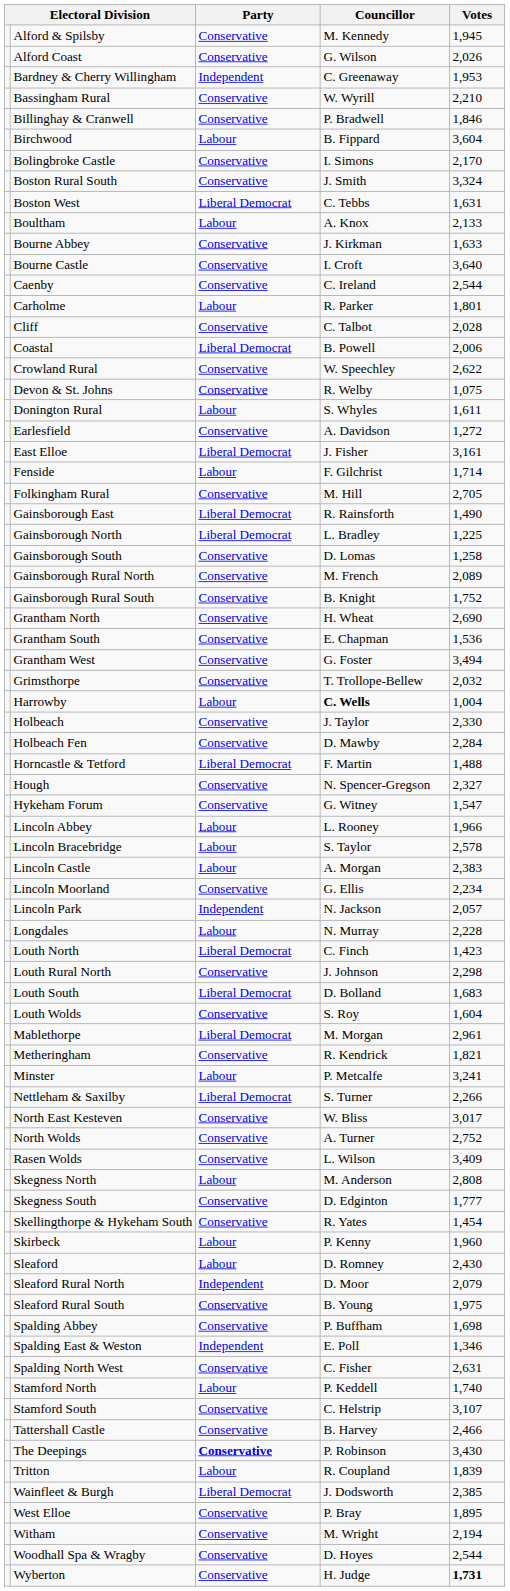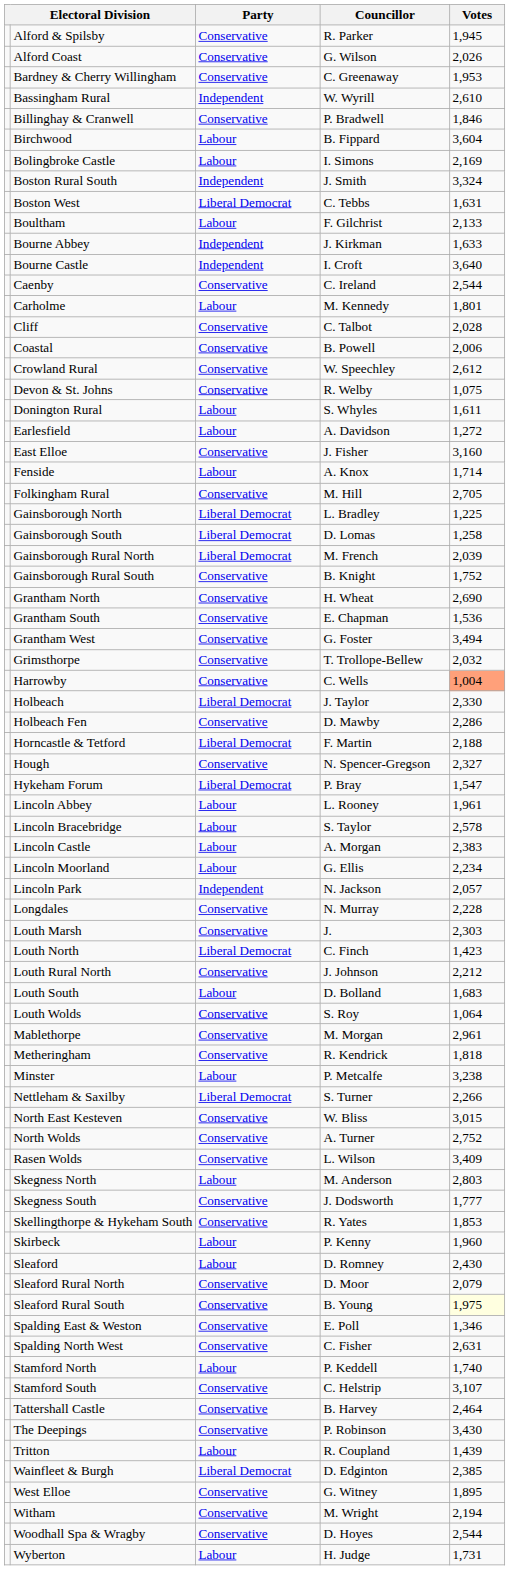 <table class="wikitable">
 <tr>
 <th colspan="2">Electoral Division</th>
 <th width="145px">Party</th>
 <th width="150px">Councillor</th>
 <th width="60px">Votes</th>
 </tr>
 <tr>
 <td style="color:inherit;background:"></td>
 <td>Alford & Spilsby</td>
 <td><a href='#'>Conservative</a></td>
-<td>M. Kennedy</td>
+<td>R. Parker</td>
 <td>1,945</td>
 </tr>
 <tr>
 <td style="color:inherit;background:"></td>
 <td>Alford Coast</td>
 <td><a href='#'>Conservative</a></td>
 <td>G. Wilson</td>
 <td>2,026</td>
 </tr>
 <tr>
 <td style="color:inherit;background:"></td>
 <td>Bardney & Cherry Willingham</td>
-<td><a href='#'>Independent</a></td>
+<td><a href='#'>Conservative</a></td>
 <td>C. Greenaway</td>
 <td>1,953</td>
 </tr>
 <tr>
 <td style="color:inherit;background:"></td>
 <td>Bassingham Rural</td>
-<td><a href='#'>Conservative</a></td>
+<td><a href='#'>Independent</a></td>
 <td>W. Wyrill</td>
-<td>2,210</td>
+<td>2,610</td>
 </tr>
 <tr>
 <td style="color:inherit;background:"></td>
 <td>Billinghay & Cranwell</td>
 <td><a href='#'>Conservative</a></td>
 <td>P. Bradwell</td>
 <td>1,846</td>
 </tr>
 <tr>
 <td style="color:inherit;background:"></td>
 <td>Birchwood</td>
 <td><a href='#'>Labour</a></td>
 <td>B. Fippard</td>
 <td>3,604</td>
 </tr>
 <tr>
 <td style="color:inherit;background:"></td>
 <td>Bolingbroke Castle</td>
-<td><a href='#'>Conservative</a></td>
+<td><a href='#'>Labour</a></td>
 <td>I. Simons</td>
-<td>2,170</td>
+<td>2,169</td>
 </tr>
 <tr>
 <td style="color:inherit;background:"></td>
 <td>Boston Rural South</td>
-<td><a href='#'>Conservative</a></td>
+<td><a href='#'>Independent</a></td>
 <td>J. Smith</td>
 <td>3,324</td>
 </tr>
 <tr>
 <td style="color:inherit;background:"></td>
 <td>Boston West</td>
 <td><a href='#'>Liberal Democrat</a></td>
 <td>C. Tebbs</td>
 <td>1,631</td>
 </tr>
 <tr>
 <td style="color:inherit;background:"></td>
 <td>Boultham</td>
 <td><a href='#'>Labour</a></td>
-<td>A. Knox</td>
+<td>F. Gilchrist</td>
 <td>2,133</td>
 </tr>
 <tr>
 <td style="color:inherit;background:"></td>
 <td>Bourne Abbey</td>
-<td><a href='#'>Conservative</a></td>
+<td><a href='#'>Independent</a></td>
 <td>J. Kirkman</td>
 <td>1,633</td>
 </tr>
 <tr>
 <td style="color:inherit;background:"></td>
 <td>Bourne Castle</td>
-<td><a href='#'>Conservative</a></td>
+<td><a href='#'>Independent</a></td>
 <td>I. Croft</td>
 <td>3,640</td>
 </tr>
 <tr>
 <td style="color:inherit;background:"></td>
 <td>Caenby</td>
 <td><a href='#'>Conservative</a></td>
 <td>C. Ireland</td>
 <td>2,544</td>
 </tr>
 <tr>
 <td style="color:inherit;background:"></td>
 <td>Carholme</td>
 <td><a href='#'>Labour</a></td>
-<td>R. Parker</td>
+<td>M. Kennedy</td>
 <td>1,801</td>
 </tr>
 <tr>
 <td style="color:inherit;background:"></td>
 <td>Cliff</td>
 <td><a href='#'>Conservative</a></td>
 <td>C. Talbot</td>
 <td>2,028</td>
 </tr>
 <tr>
 <td style="color:inherit;background:"></td>
 <td>Coastal</td>
-<td><a href='#'>Liberal Democrat</a></td>
+<td><a href='#'>Conservative</a></td>
 <td>B. Powell</td>
 <td>2,006</td>
 </tr>
 <tr>
 <td style="color:inherit;background:"></td>
 <td>Crowland Rural</td>
 <td><a href='#'>Conservative</a></td>
 <td>W. Speechley</td>
-<td>2,622</td>
+<td>2,612</td>
 </tr>
 <tr>
 <td style="color:inherit;background:"></td>
 <td>Devon & St. Johns</td>
 <td><a href='#'>Conservative</a></td>
 <td>R. Welby</td>
 <td>1,075</td>
 </tr>
 <tr>
 <td style="color:inherit;background:"></td>
 <td>Donington Rural</td>
 <td><a href='#'>Labour</a></td>
 <td>S. Whyles</td>
 <td>1,611</td>
 </tr>
 <tr>
 <td style="color:inherit;background:"></td>
 <td>Earlesfield</td>
-<td><a href='#'>Conservative</a></td>
+<td><a href='#'>Labour</a></td>
 <td>A. Davidson</td>
 <td>1,272</td>
 </tr>
 <tr>
 <td style="color:inherit;background:"></td>
 <td>East Elloe</td>
-<td><a href='#'>Liberal Democrat</a></td>
+<td><a href='#'>Conservative</a></td>
 <td>J. Fisher</td>
-<td>3,161</td>
+<td>3,160</td>
 </tr>
 <tr>
 <td style="color:inherit;background:"></td>
 <td>Fenside</td>
 <td><a href='#'>Labour</a></td>
-<td>F. Gilchrist</td>
+<td>A. Knox</td>
 <td>1,714</td>
 </tr>
 <tr>
 <td style="color:inherit;background:"></td>
 <td>Folkingham Rural</td>
 <td><a href='#'>Conservative</a></td>
 <td>M. Hill</td>
 <td>2,705</td>
 </tr>
 <tr>
 <td style="color:inherit;background:"></td>
-<td>Gainsborough East</td>
-<td><a href='#'>Liberal Democrat</a></td>
-<td>R. Rainsforth</td>
-<td>1,490</td>
-</tr>
-<tr>
-<td style="color:inherit;background:"></td>
 <td>Gainsborough North</td>
 <td><a href='#'>Liberal Democrat</a></td>
 <td>L. Bradley</td>
 <td>1,225</td>
 </tr>
 <tr>
 <td style="color:inherit;background:"></td>
 <td>Gainsborough South</td>
-<td><a href='#'>Conservative</a></td>
+<td><a href='#'>Liberal Democrat</a></td>
 <td>D. Lomas</td>
 <td>1,258</td>
 </tr>
 <tr>
 <td style="color:inherit;background:"></td>
 <td>Gainsborough Rural North</td>
-<td><a href='#'>Conservative</a></td>
+<td><a href='#'>Liberal Democrat</a></td>
 <td>M. French</td>
-<td>2,089</td>
+<td>2,039</td>
 </tr>
 <tr>
 <td style="color:inherit;background:"></td>
 <td>Gainsborough Rural South</td>
 <td><a href='#'>Conservative</a></td>
 <td>B. Knight</td>
 <td>1,752</td>
 </tr>
 <tr>
 <td style="color:inherit;background:"></td>
 <td>Grantham North</td>
 <td><a href='#'>Conservative</a></td>
 <td>H. Wheat</td>
 <td>2,690</td>
 </tr>
 <tr>
 <td style="color:inherit;background:"></td>
 <td>Grantham South</td>
 <td><a href='#'>Conservative</a></td>
 <td>E. Chapman</td>
 <td>1,536</td>
 </tr>
 <tr>
 <td style="color:inherit;background:"></td>
 <td>Grantham West</td>
 <td><a href='#'>Conservative</a></td>
 <td>G. Foster</td>
 <td>3,494</td>
 </tr>
 <tr>
 <td style="color:inherit;background:"></td>
 <td>Grimsthorpe</td>
 <td><a href='#'>Conservative</a></td>
 <td>T. Trollope-Bellew</td>
 <td>2,032</td>
 </tr>
 <tr>
 <td style="color:inherit;background:"></td>
 <td>Harrowby</td>
-<td><a href='#'>Labour</a></td>
-<td><strong>C. Wells</strong></td>
-<td>1,004</td>
+<td><a href='#'>Conservative</a></td>
+<td>C. Wells</td>
+<td style="background: lightsalmon;">1,004</td>
 </tr>
 <tr>
 <td style="color:inherit;background:"></td>
 <td>Holbeach</td>
-<td><a href='#'>Conservative</a></td>
+<td><a href='#'>Liberal Democrat</a></td>
 <td>J. Taylor</td>
 <td>2,330</td>
 </tr>
 <tr>
 <td style="color:inherit;background:"></td>
 <td>Holbeach Fen</td>
 <td><a href='#'>Conservative</a></td>
 <td>D. Mawby</td>
-<td>2,284</td>
+<td>2,286</td>
 </tr>
 <tr>
 <td style="color:inherit;background:"></td>
 <td>Horncastle & Tetford</td>
 <td><a href='#'>Liberal Democrat</a></td>
 <td>F. Martin</td>
-<td>1,488</td>
+<td>2,188</td>
 </tr>
 <tr>
 <td style="color:inherit;background:"></td>
 <td>Hough</td>
 <td><a href='#'>Conservative</a></td>
 <td>N. Spencer-Gregson</td>
 <td>2,327</td>
 </tr>
 <tr>
 <td style="color:inherit;background:"></td>
 <td>Hykeham Forum</td>
-<td><a href='#'>Conservative</a></td>
-<td>G. Witney</td>
+<td><a href='#'>Liberal Democrat</a></td>
+<td>P. Bray</td>
 <td>1,547</td>
 </tr>
 <tr>
 <td style="color:inherit;background:"></td>
 <td>Lincoln Abbey</td>
 <td><a href='#'>Labour</a></td>
 <td>L. Rooney</td>
-<td>1,966</td>
+<td>1,961</td>
 </tr>
 <tr>
 <td style="color:inherit;background:"></td>
 <td>Lincoln Bracebridge</td>
 <td><a href='#'>Labour</a></td>
 <td>S. Taylor</td>
 <td>2,578</td>
 </tr>
 <tr>
 <td style="color:inherit;background:"></td>
 <td>Lincoln Castle</td>
 <td><a href='#'>Labour</a></td>
 <td>A. Morgan</td>
 <td>2,383</td>
 </tr>
 <tr>
 <td style="color:inherit;background:"></td>
 <td>Lincoln Moorland</td>
-<td><a href='#'>Conservative</a></td>
+<td><a href='#'>Labour</a></td>
 <td>G. Ellis</td>
 <td>2,234</td>
 </tr>
 <tr>
 <td style="color:inherit;background:"></td>
 <td>Lincoln Park</td>
 <td><a href='#'>Independent</a></td>
 <td>N. Jackson</td>
 <td>2,057</td>
 </tr>
 <tr>
 <td style="color:inherit;background:"></td>
 <td>Longdales</td>
-<td><a href='#'>Labour</a></td>
+<td><a href='#'>Conservative</a></td>
 <td>N. Murray</td>
 <td>2,228</td>
+</tr>
+<tr>
+<td style="color:inherit;background:"></td>
+<td>Louth Marsh</td>
+<td><a href='#'>Conservative</a></td>
+<td>J. </td>
+<td>2,303</td>
 </tr>
 <tr>
 <td style="color:inherit;background:"></td>
 <td>Louth North</td>
 <td><a href='#'>Liberal Democrat</a></td>
 <td>C. Finch</td>
 <td>1,423</td>
 </tr>
 <tr>
 <td style="color:inherit;background:"></td>
 <td>Louth Rural North</td>
 <td><a href='#'>Conservative</a></td>
 <td>J. Johnson</td>
-<td>2,298</td>
+<td>2,212</td>
 </tr>
 <tr>
 <td style="color:inherit;background:"></td>
 <td>Louth South</td>
-<td><a href='#'>Liberal Democrat</a></td>
+<td><a href='#'>Labour</a></td>
 <td>D. Bolland</td>
 <td>1,683</td>
 </tr>
 <tr>
 <td style="color:inherit;background:"></td>
 <td>Louth Wolds</td>
 <td><a href='#'>Conservative</a></td>
 <td>S. Roy</td>
-<td>1,604</td>
+<td>1,064</td>
 </tr>
 <tr>
 <td style="color:inherit;background:"></td>
 <td>Mablethorpe</td>
-<td><a href='#'>Liberal Democrat</a></td>
+<td><a href='#'>Conservative</a></td>
 <td>M. Morgan</td>
 <td>2,961</td>
 </tr>
 <tr>
 <td style="color:inherit;background:"></td>
 <td>Metheringham</td>
 <td><a href='#'>Conservative</a></td>
 <td>R. Kendrick</td>
-<td>1,821</td>
+<td>1,818</td>
 </tr>
 <tr>
 <td style="color:inherit;background:"></td>
 <td>Minster</td>
 <td><a href='#'>Labour</a></td>
 <td>P. Metcalfe</td>
-<td>3,241</td>
+<td>3,238</td>
 </tr>
 <tr>
 <td style="color:inherit;background:"></td>
 <td>Nettleham & Saxilby</td>
 <td><a href='#'>Liberal Democrat</a></td>
 <td>S. Turner</td>
 <td>2,266</td>
 </tr>
 <tr>
 <td style="color:inherit;background:"></td>
 <td>North East Kesteven</td>
 <td><a href='#'>Conservative</a></td>
 <td>W. Bliss</td>
-<td>3,017</td>
+<td>3,015</td>
 </tr>
 <tr>
 <td style="color:inherit;background:"></td>
 <td>North Wolds</td>
 <td><a href='#'>Conservative</a></td>
 <td>A. Turner</td>
 <td>2,752</td>
 </tr>
 <tr>
 <td style="color:inherit;background:"></td>
 <td>Rasen Wolds</td>
 <td><a href='#'>Conservative</a></td>
 <td>L. Wilson</td>
 <td>3,409</td>
 </tr>
 <tr>
 <td style="color:inherit;background:"></td>
 <td>Skegness North</td>
 <td><a href='#'>Labour</a></td>
 <td>M. Anderson</td>
-<td>2,808</td>
+<td>2,803</td>
 </tr>
 <tr>
 <td style="color:inherit;background:"></td>
 <td>Skegness South</td>
 <td><a href='#'>Conservative</a></td>
-<td>D. Edginton</td>
+<td>J. Dodsworth</td>
 <td>1,777</td>
 </tr>
 <tr>
 <td style="color:inherit;background:"></td>
 <td>Skellingthorpe & Hykeham South</td>
 <td><a href='#'>Conservative</a></td>
 <td>R. Yates</td>
-<td>1,454</td>
+<td>1,853</td>
 </tr>
 <tr>
 <td style="color:inherit;background:"></td>
 <td>Skirbeck</td>
 <td><a href='#'>Labour</a></td>
 <td>P. Kenny</td>
 <td>1,960</td>
 </tr>
 <tr>
 <td style="color:inherit;background:"></td>
 <td>Sleaford</td>
 <td><a href='#'>Labour</a></td>
 <td>D. Romney</td>
 <td>2,430</td>
 </tr>
 <tr>
 <td style="color:inherit;background:"></td>
 <td>Sleaford Rural North</td>
-<td><a href='#'>Independent</a></td>
+<td><a href='#'>Conservative</a></td>
 <td>D. Moor</td>
 <td>2,079</td>
 </tr>
 <tr>
 <td style="color:inherit;background:"></td>
 <td>Sleaford Rural South</td>
 <td><a href='#'>Conservative</a></td>
 <td>B. Young</td>
-<td>1,975</td>
-</tr>
-<tr>
-<td style="color:inherit;background:"></td>
-<td>Spalding Abbey</td>
-<td><a href='#'>Conservative</a></td>
-<td>P. Buffham</td>
-<td>1,698</td>
+<td style="background: lightyellow;">1,975</td>
 </tr>
 <tr>
 <td style="color:inherit;background:"></td>
 <td>Spalding East & Weston</td>
-<td><a href='#'>Independent</a></td>
+<td><a href='#'>Conservative</a></td>
 <td>E. Poll</td>
 <td>1,346</td>
 </tr>
 <tr>
 <td style="color:inherit;background:"></td>
 <td>Spalding North West</td>
 <td><a href='#'>Conservative</a></td>
 <td>C. Fisher</td>
 <td>2,631</td>
 </tr>
 <tr>
 <td style="color:inherit;background:"></td>
 <td>Stamford North</td>
 <td><a href='#'>Labour</a></td>
 <td>P. Keddell</td>
 <td>1,740</td>
 </tr>
 <tr>
 <td style="color:inherit;background:"></td>
 <td>Stamford South</td>
 <td><a href='#'>Conservative</a></td>
 <td>C. Helstrip</td>
 <td>3,107</td>
 </tr>
 <tr>
 <td style="color:inherit;background:"></td>
 <td>Tattershall Castle</td>
 <td><a href='#'>Conservative</a></td>
 <td>B. Harvey</td>
-<td>2,466</td>
+<td>2,464</td>
 </tr>
 <tr>
 <td style="color:inherit;background:"></td>
 <td>The Deepings</td>
-<td><strong><a href='#'>Conservative</a></strong></td>
+<td><a href='#'>Conservative</a></td>
 <td>P. Robinson</td>
 <td>3,430</td>
 </tr>
 <tr>
 <td style="color:inherit;background:"></td>
 <td>Tritton</td>
 <td><a href='#'>Labour</a></td>
 <td>R. Coupland</td>
-<td>1,839</td>
+<td>1,439</td>
 </tr>
 <tr>
 <td style="color:inherit;background:"></td>
 <td>Wainfleet & Burgh</td>
 <td><a href='#'>Liberal Democrat</a></td>
-<td>J. Dodsworth</td>
+<td>D. Edginton</td>
 <td>2,385</td>
 </tr>
 <tr>
 <td style="color:inherit;background:"></td>
 <td>West Elloe</td>
 <td><a href='#'>Conservative</a></td>
-<td>P. Bray</td>
+<td>G. Witney</td>
 <td>1,895</td>
 </tr>
 <tr>
 <td style="color:inherit;background:"></td>
 <td>Witham</td>
 <td><a href='#'>Conservative</a></td>
 <td>M. Wright</td>
 <td>2,194</td>
 </tr>
 <tr>
 <td style="color:inherit;background:"></td>
 <td>Woodhall Spa & Wragby</td>
 <td><a href='#'>Conservative</a></td>
 <td>D. Hoyes</td>
 <td>2,544</td>
 </tr>
 <tr>
 <td style="color:inherit;background:"></td>
 <td>Wyberton</td>
-<td><a href='#'>Conservative</a></td>
+<td><a href='#'>Labour</a></td>
 <td>H. Judge</td>
-<td><strong>1,731</strong></td>
+<td>1,731</td>
 </tr>
 </table>
